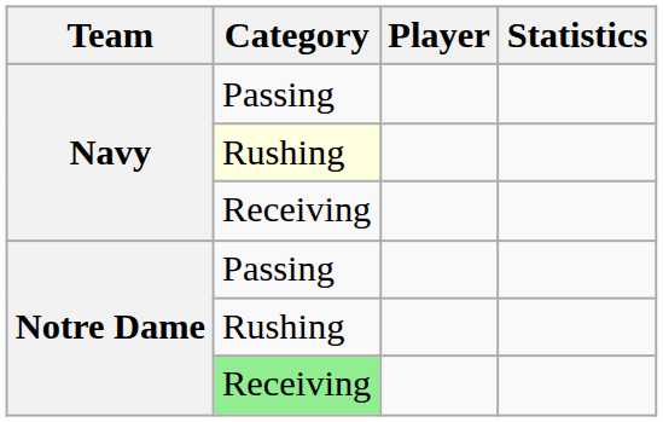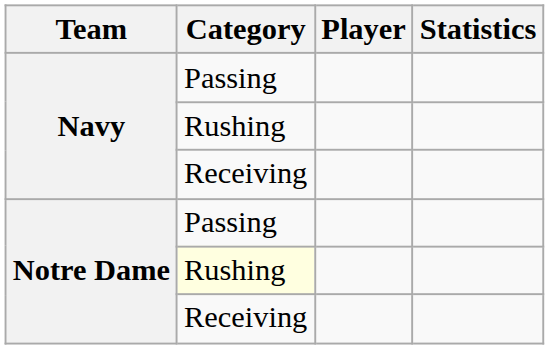 <table class="wikitable" style="float:right">
 <tr>
 <th>Team</th>
 <th>Category</th>
 <th>Player</th>
 <th>Statistics</th>
 </tr>
 <tr>
 <th rowspan=3>Navy</th>
 <td>Passing</td>
 <td></td>
 <td></td>
 </tr>
 <tr>
-<td style="background: lightyellow;">Rushing</td>
+<td>Rushing</td>
 <td></td>
 <td></td>
 </tr>
 <tr>
 <td>Receiving</td>
 <td></td>
 <td></td>
 </tr>
 <tr>
 <th rowspan=3>Notre Dame</th>
 <td>Passing</td>
 <td></td>
 <td></td>
 </tr>
 <tr>
-<td>Rushing</td>
+<td style="background: lightyellow;">Rushing</td>
 <td></td>
 <td></td>
 </tr>
 <tr>
-<td style="background: lightgreen;">Receiving</td>
+<td>Receiving</td>
 <td></td>
 <td></td>
 </tr>
 </table>
